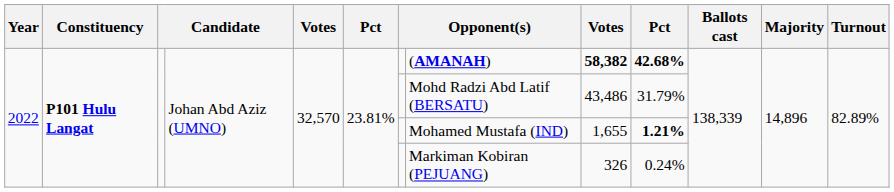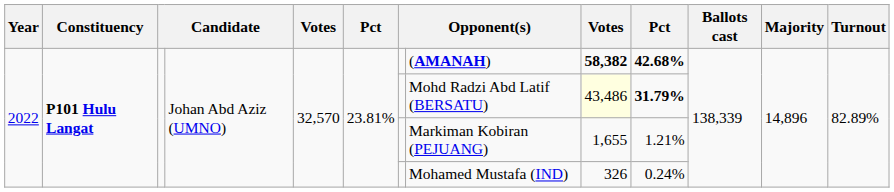 <table class="wikitable" style="margin:0.5em ; font-size:95%">
 <tr>
 <th>Year</th>
 <th>Constituency</th>
 <th colspan="2">Candidate</th>
 <th>Votes</th>
 <th>Pct</th>
 <th colspan="2">Opponent(s)</th>
 <th>Votes</th>
 <th>Pct</th>
 <th>Ballots cast</th>
 <th>Majority</th>
 <th>Turnout</th>
 </tr>
 <tr>
 <td rowspan="4"><a href='#'>2022</a></td>
 <td rowspan="4"><strong>P101 <a href='#'>Hulu Langat</a></strong></td>
 <td rowspan="4" ></td>
 <td rowspan="4">Johan Abd Aziz (<a href='#'>UMNO</a>)</td>
 <td rowspan="4" align="right">32,570</td>
 <td rowspan="4" align="right">23.81%</td>
 <td></td>
 <td> (<a href='#'><strong>AMANAH</strong></a>)</td>
 <td align="right"><strong>58,382</strong></td>
 <td align="right"><strong>42.68%</strong></td>
 <td rowspan="4">138,339</td>
 <td rowspan="4">14,896</td>
 <td rowspan="4">82.89%</td>
 </tr>
 <tr>
 <td bgcolor=></td>
 <td>Mohd Radzi Abd Latif (<a href='#'>BERSATU</a>)</td>
-<td align="right">43,486</td>
-<td align="right">31.79%</td>
+<td align="right" style="background: lightyellow;">43,486</td>
+<td align="right"><strong>31.79%</strong></td>
 </tr>
 <tr>
 <td bgcolor=></td>
-<td>Mohamed Mustafa (<a href='#'>IND</a>)</td>
+<td>Markiman Kobiran (<a href='#'>PEJUANG</a>)</td>
 <td align="right">1,655</td>
-<td align="right"><strong>1.21%</strong></td>
+<td align="right">1.21%</td>
 </tr>
 <tr>
 <td></td>
-<td>Markiman Kobiran (<a href='#'>PEJUANG</a>)</td>
+<td>Mohamed Mustafa (<a href='#'>IND</a>)</td>
 <td align="right">326</td>
 <td align="right">0.24%</td>
 </tr>
 </table>
